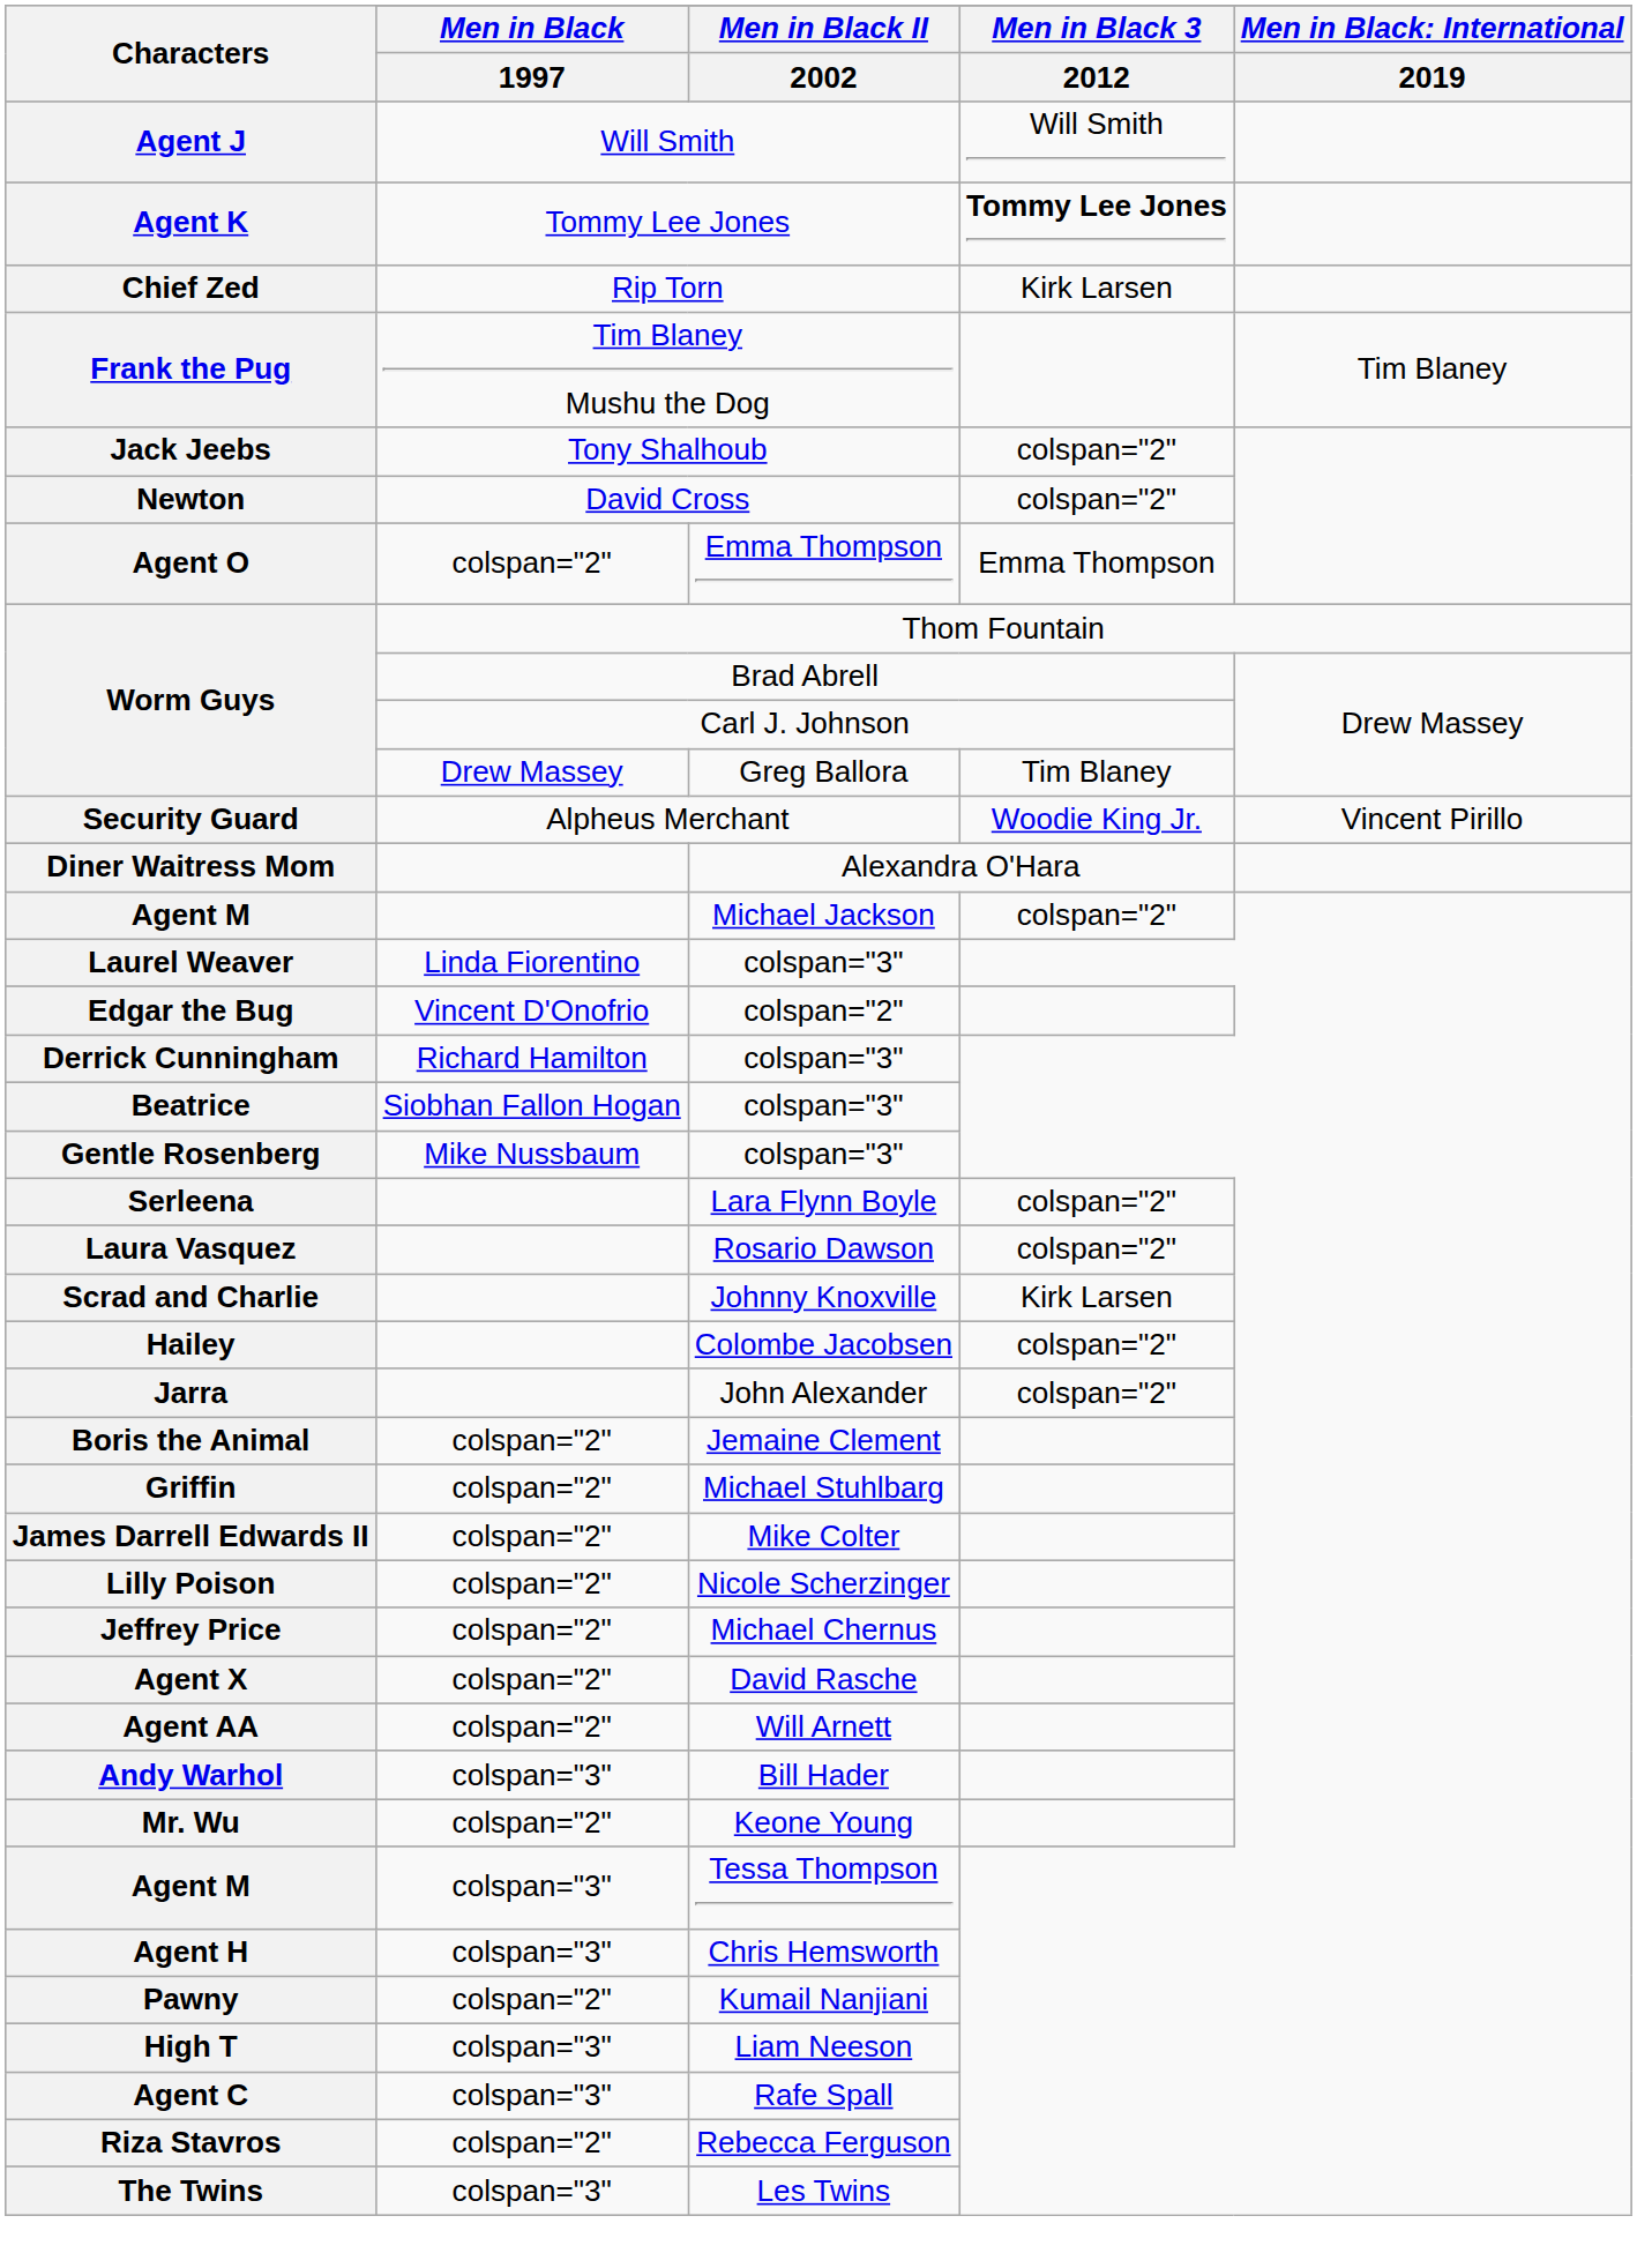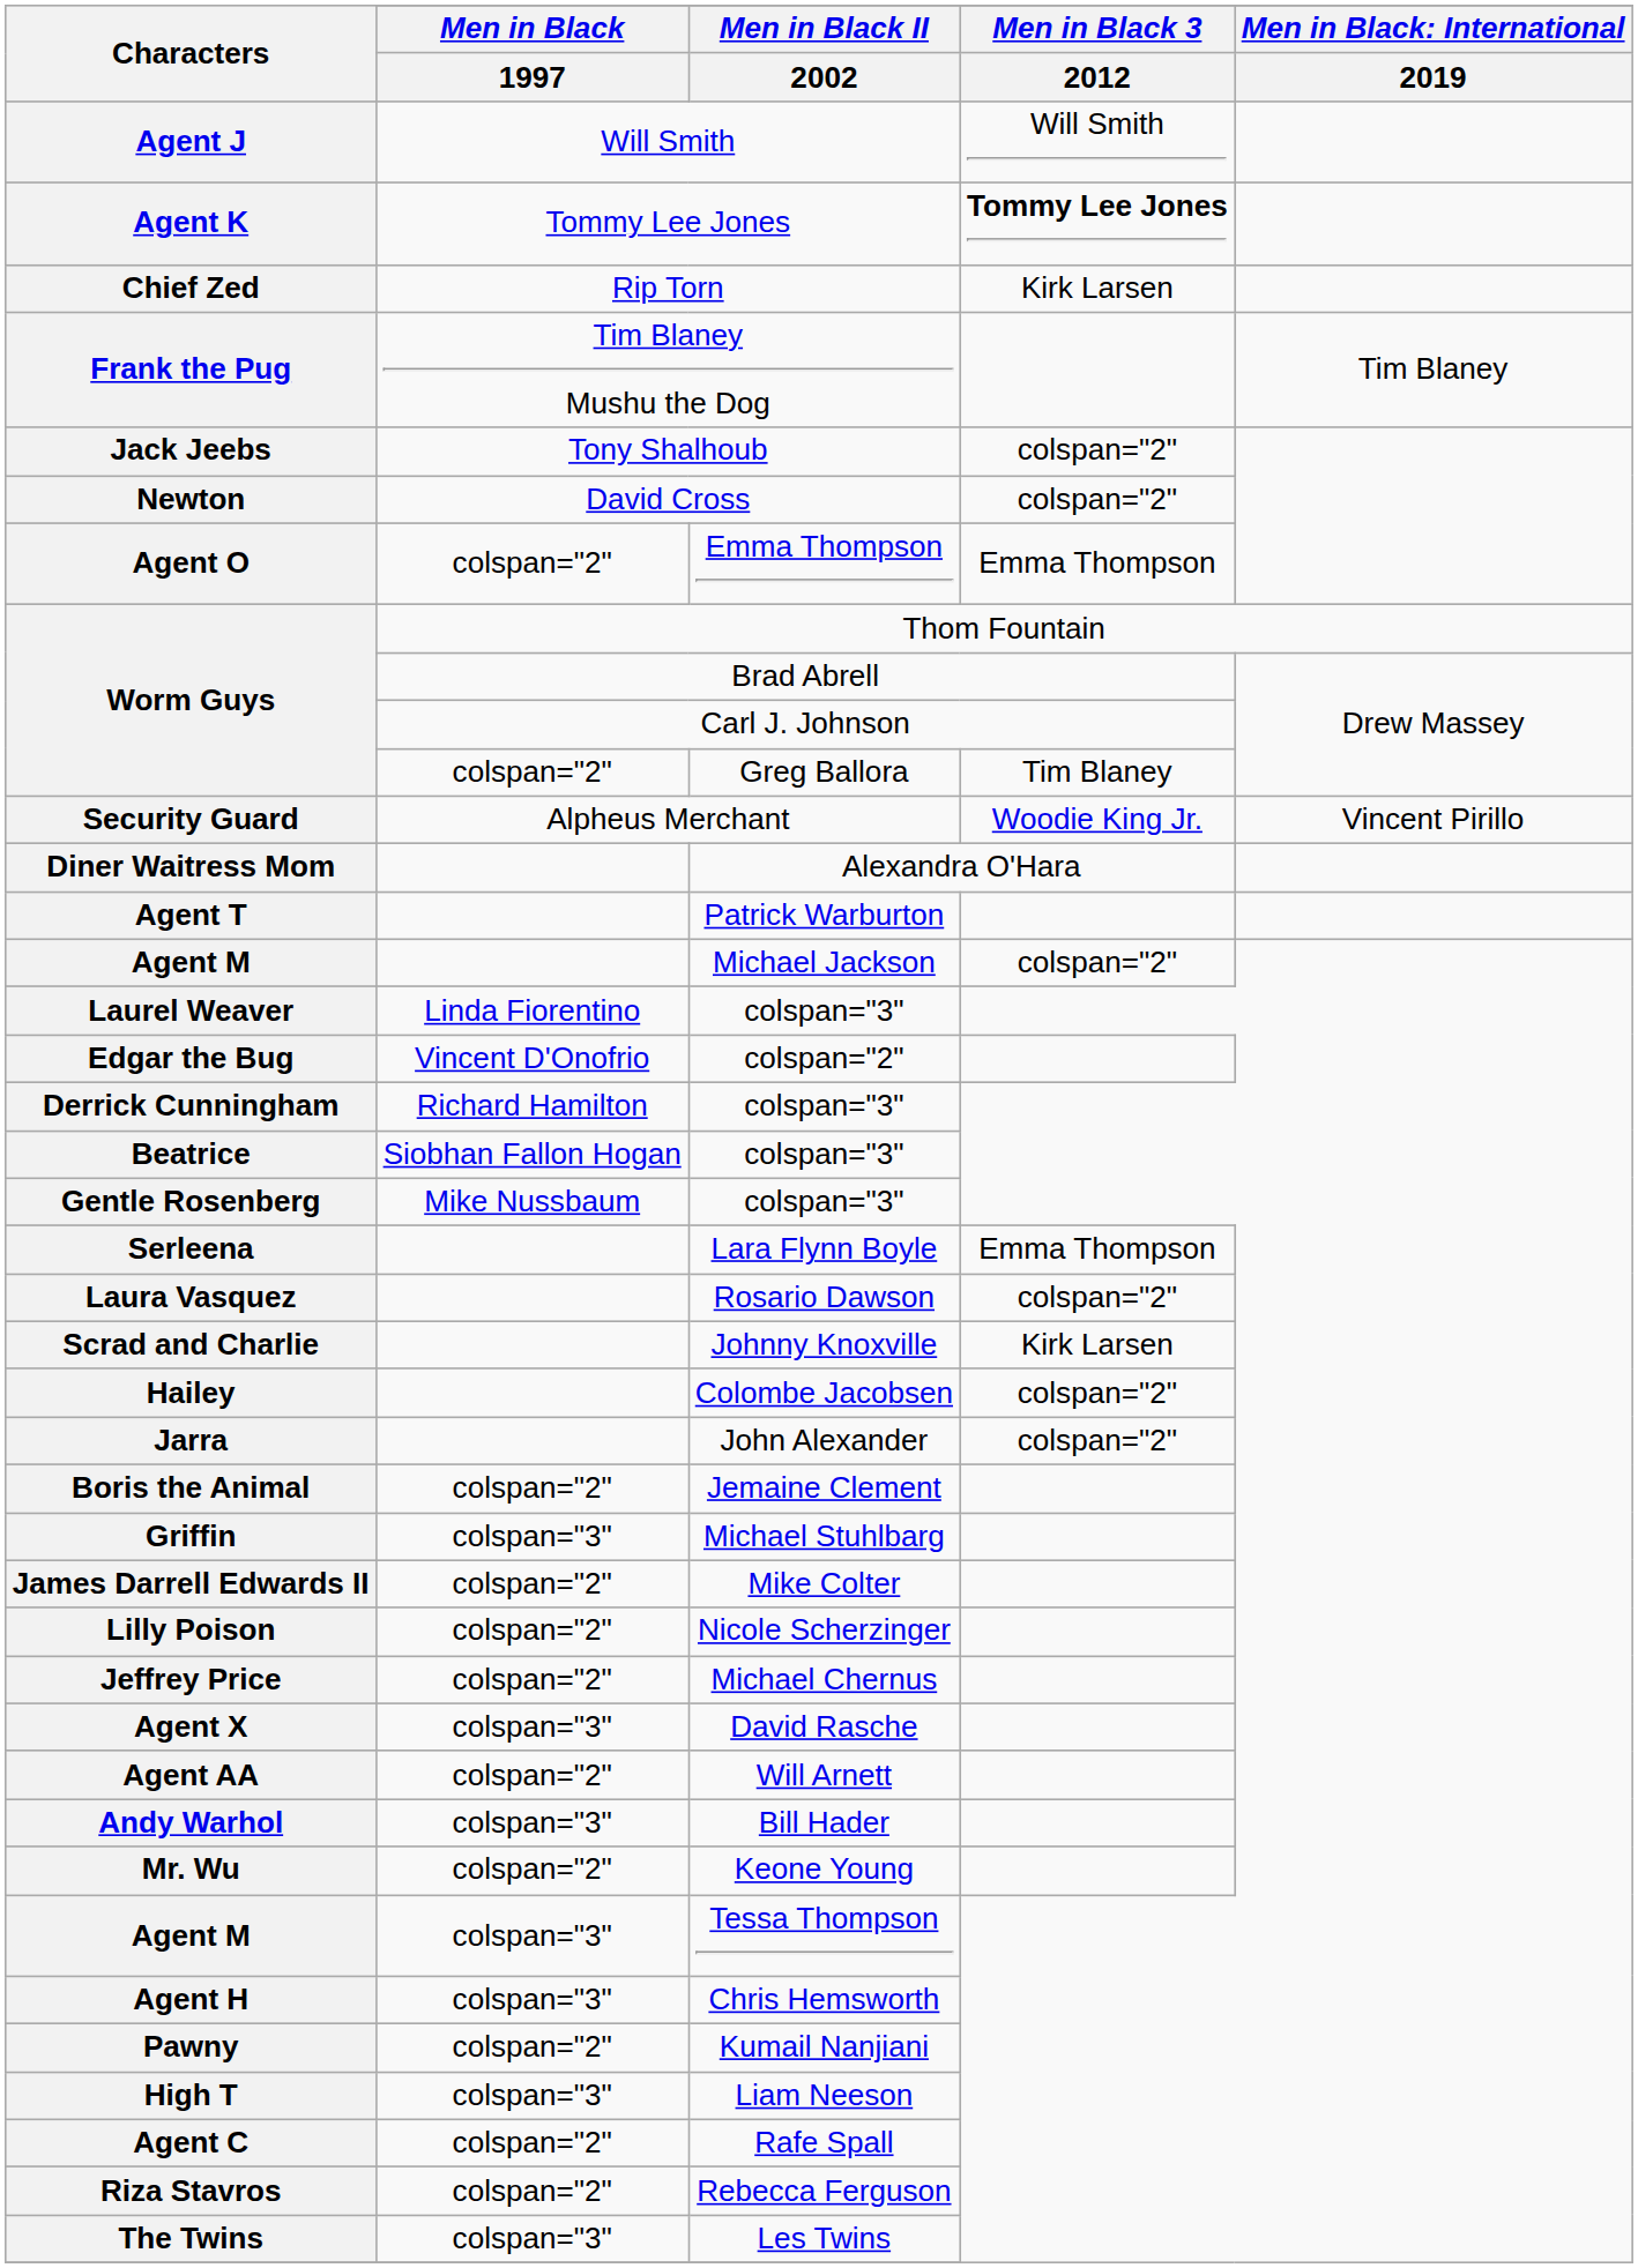 <table class="wikitable" style="text-align:center;">
 <tr>
 <th rowspan="3">Characters</th>
 </tr>
 <tr>
 <th><em><a href='#'>Men in Black</a></em></th>
 <th><em><a href='#'>Men in Black II</a></em></th>
 <th><em><a href='#'>Men in Black 3</a></em></th>
 <th><em><a href='#'>Men in Black: International</a></em></th>
 </tr>
 <tr>
 <th>1997</th>
 <th>2002</th>
 <th>2012</th>
 <th>2019</th>
 </tr>
 <tr>
 <th><a href='#'>Agent J<br></a></th>
 <td colspan="2"><a href='#'>Will Smith</a></td>
 <td>Will Smith<hr></td>
 <td></td>
 </tr>
 <tr>
 <th><a href='#'>Agent K<br></a></th>
 <td colspan="2"><a href='#'>Tommy Lee Jones</a></td>
 <td><strong>Tommy Lee Jones<hr></strong></td>
 <td></td>
 </tr>
 <tr>
 <th>Chief Zed</th>
 <td colspan="2"><a href='#'>Rip Torn</a></td>
 <td>Kirk Larsen</td>
 <td></td>
 </tr>
 <tr>
 <th><a href='#'>Frank the Pug<br></a></th>
 <td colspan="2"><a href='#'>Tim Blaney</a><hr>Mushu the Dog</td>
 <td></td>
 <td>Tim Blaney</td>
 </tr>
 <tr>
 <th>Jack Jeebs</th>
 <td colspan="2"><a href='#'>Tony Shalhoub</a></td>
 <td>colspan="2" </td>
 </tr>
 <tr>
 <th>Newton</th>
 <td colspan="2"><a href='#'>David Cross</a></td>
 <td>colspan="2" </td>
 </tr>
 <tr>
 <th>Agent O</th>
 <td>colspan="2" </td>
 <td><a href='#'>Emma Thompson</a><hr></td>
 <td>Emma Thompson</td>
 </tr>
 <tr>
 <th rowspan="4">Worm Guys</th>
 <td colspan="4">Thom Fountain</td>
 </tr>
 <tr>
 <td colspan="3">Brad Abrell</td>
 <td rowspan="3">Drew Massey</td>
 </tr>
 <tr>
 <td colspan="3">Carl J. Johnson</td>
 </tr>
 <tr>
-<td><a href='#'>Drew Massey</a></td>
+<td>colspan="2" </td>
 <td>Greg Ballora</td>
 <td>Tim Blaney</td>
 </tr>
 <tr>
 <th>Security Guard</th>
 <td colspan="2">Alpheus Merchant</td>
 <td><a href='#'>Woodie King Jr.</a></td>
 <td>Vincent Pirillo</td>
 </tr>
 <tr>
 <th>Diner Waitress Mom</th>
 <td></td>
 <td colspan="2">Alexandra O'Hara</td>
+<td></td>
+</tr>
+<tr>
+<th>Agent T</th>
+<td></td>
+<td><a href='#'>Patrick Warburton</a></td>
+<td></td>
 <td></td>
 </tr>
 <tr>
 <th>Agent M</th>
 <td></td>
 <td><a href='#'>Michael Jackson</a></td>
 <td>colspan="2" </td>
 </tr>
 <tr>
 <th>Laurel Weaver<br></th>
 <td><a href='#'>Linda Fiorentino</a></td>
 <td>colspan="3" </td>
 </tr>
 <tr>
 <th>Edgar the Bug</th>
 <td><a href='#'>Vincent D'Onofrio</a></td>
 <td>colspan="2" </td>
 <td></td>
 </tr>
 <tr>
 <th>Derrick Cunningham<br></th>
 <td><a href='#'>Richard Hamilton</a></td>
 <td>colspan="3" </td>
 </tr>
 <tr>
 <th>Beatrice</th>
 <td><a href='#'>Siobhan Fallon Hogan</a></td>
 <td>colspan="3" </td>
 </tr>
 <tr>
 <th>Gentle Rosenberg</th>
 <td><a href='#'>Mike Nussbaum</a></td>
 <td>colspan="3" </td>
 </tr>
 <tr>
 <th>Serleena<br></th>
 <td></td>
 <td><a href='#'>Lara Flynn Boyle</a></td>
-<td>colspan="2" </td>
+<td>Emma Thompson</td>
 </tr>
 <tr>
 <th>Laura Vasquez<br></th>
 <td></td>
 <td><a href='#'>Rosario Dawson</a></td>
 <td>colspan="2" </td>
 </tr>
 <tr>
 <th>Scrad and Charlie</th>
 <td></td>
 <td><a href='#'>Johnny Knoxville</a></td>
 <td>Kirk Larsen</td>
 </tr>
 <tr>
 <th>Hailey</th>
 <td></td>
 <td><a href='#'>Colombe Jacobsen</a></td>
 <td>colspan="2" </td>
 </tr>
 <tr>
 <th>Jarra</th>
 <td></td>
 <td>John Alexander</td>
 <td>colspan="2" </td>
 </tr>
 <tr>
 <th>Boris the Animal</th>
 <td>colspan="2" </td>
 <td><a href='#'>Jemaine Clement</a></td>
 <td></td>
 </tr>
 <tr>
 <th>Griffin<br></th>
-<td>colspan="2" </td>
+<td>colspan="3" </td>
 <td><a href='#'>Michael Stuhlbarg</a></td>
 <td></td>
 </tr>
 <tr>
 <th>James Darrell Edwards II</th>
 <td>colspan="2" </td>
 <td><a href='#'>Mike Colter</a></td>
 <td></td>
 </tr>
 <tr>
 <th>Lilly Poison</th>
 <td>colspan="2" </td>
 <td><a href='#'>Nicole Scherzinger</a></td>
 <td></td>
 </tr>
 <tr>
 <th>Jeffrey Price</th>
 <td>colspan="2" </td>
 <td><a href='#'>Michael Chernus</a></td>
 <td></td>
 </tr>
 <tr>
 <th>Agent X</th>
-<td>colspan="2" </td>
+<td>colspan="3" </td>
 <td><a href='#'>David Rasche</a></td>
 <td></td>
 </tr>
 <tr>
 <th>Agent AA</th>
 <td>colspan="2" </td>
 <td><a href='#'>Will Arnett</a></td>
 <td></td>
 </tr>
 <tr>
 <th><a href='#'>Andy Warhol<br></a></th>
 <td>colspan="3" </td>
 <td><a href='#'>Bill Hader</a></td>
 <td></td>
 </tr>
 <tr>
 <th>Mr. Wu</th>
 <td>colspan="2" </td>
 <td><a href='#'>Keone Young</a></td>
 <td></td>
 </tr>
 <tr>
 <th>Agent M<br></th>
 <td>colspan="3" </td>
 <td><a href='#'>Tessa Thompson</a><hr></td>
 </tr>
 <tr>
 <th>Agent H<br></th>
 <td>colspan="3" </td>
 <td><a href='#'>Chris Hemsworth</a></td>
 </tr>
 <tr>
 <th>Pawny</th>
 <td>colspan="2" </td>
 <td><a href='#'>Kumail Nanjiani</a></td>
 </tr>
 <tr>
 <th>High T</th>
 <td>colspan="3" </td>
 <td><a href='#'>Liam Neeson</a></td>
 </tr>
 <tr>
 <th>Agent C</th>
-<td>colspan="3" </td>
+<td>colspan="2" </td>
 <td><a href='#'>Rafe Spall</a></td>
 </tr>
 <tr>
 <th>Riza Stavros</th>
 <td>colspan="2" </td>
 <td><a href='#'>Rebecca Ferguson</a></td>
 </tr>
 <tr>
 <th>The Twins</th>
 <td>colspan="3" </td>
 <td><a href='#'>Les Twins</a></td>
 </tr>
 <tr>
 </tr>
 </table>
